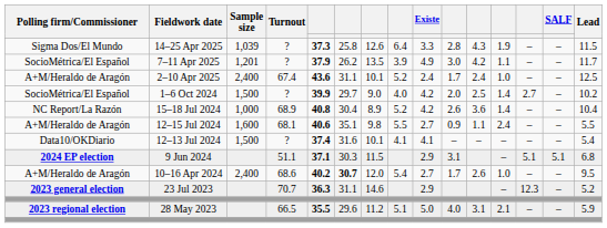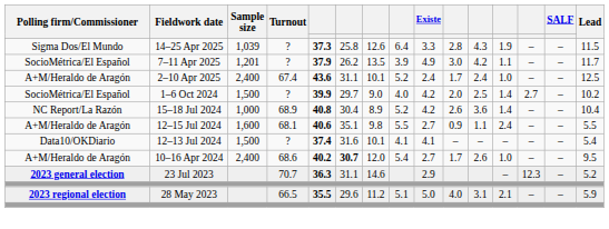 <table class="wikitable collapsible" style="text-align:center; font-size:95%; line-height:16px;">
 <tr style="height:42px;">
 <th style="width:250px;" rowspan="2">Polling firm/Commissioner</th>
 <th style="width:130px;" rowspan="2">Fieldwork date</th>
 <th style="width:50px;" rowspan="2">Sample size</th>
 <th style="width:45px;" rowspan="2">Turnout</th>
 <th style="width:35px;"></th>
 <th style="width:35px;"></th>
 <th style="width:35px;"></th>
 <th style="width:35px;"></th>
 <th style="width:35px; font-size:90%;"><a href='#'>Existe</a></th>
 <th style="width:35px;"></th>
 <th style="width:35px;"></th>
 <th style="width:35px;"></th>
 <th style="width:35px;"></th>
 <th style="width:35px;"><a href='#'>SALF</a></th>
 <th style="width:30px;" rowspan="2">Lead</th>
 </tr>
 <tr>
 <th style="color:inherit;background:"></th>
 <th style="color:inherit;background:"></th>
 <th style="color:inherit;background:"></th>
 <th style="color:inherit;background:"></th>
 <th style="color:inherit;background:"></th>
 <th style="color:inherit;background:"></th>
 <th style="color:inherit;background:"></th>
 <th style="color:inherit;background:"></th>
 <th style="color:inherit;background:"></th>
 <th style="color:inherit;background:"></th>
 </tr>
 <tr>
 <td>Sigma Dos/El Mundo</td>
 <td>14–25 Apr 2025</td>
 <td>1,039</td>
 <td>?</td>
 <td><strong>37.3</strong><br></td>
 <td>25.8<br></td>
 <td>12.6<br></td>
 <td>6.4<br></td>
 <td>3.3<br></td>
 <td>2.8<br></td>
 <td>4.3<br></td>
 <td>1.9<br></td>
 <td>–</td>
 <td>–</td>
 <td style="background:">11.5</td>
 </tr>
 <tr>
 <td>SocioMétrica/El Español</td>
 <td>7–11 Apr 2025</td>
 <td>1,201</td>
 <td>?</td>
 <td><strong>37.9</strong><br></td>
 <td>26.2<br></td>
 <td>13.5<br></td>
 <td>3.9<br></td>
 <td>4.9<br></td>
 <td>3.0<br></td>
 <td>4.2<br></td>
 <td>1.1<br></td>
 <td>–</td>
 <td>–</td>
 <td style="background:">11.7</td>
 </tr>
 <tr>
 <td>A+M/Heraldo de Aragón</td>
 <td>2–10 Apr 2025</td>
 <td>2,400</td>
 <td>67.4</td>
 <td><strong>43.6</strong><br></td>
 <td>31.1<br></td>
 <td>10.1<br></td>
 <td>5.2<br></td>
 <td>2.4<br></td>
 <td>1.7<br></td>
 <td>2.4<br></td>
 <td>1.0<br></td>
 <td>–</td>
 <td>–</td>
 <td style="background:">12.5</td>
 </tr>
 <tr>
 <td>SocioMétrica/El Español</td>
 <td>1–6 Oct 2024</td>
 <td>1,500</td>
 <td>?</td>
 <td><strong>39.9</strong><br></td>
 <td>29.7<br></td>
 <td>9.0<br></td>
 <td>4.0<br></td>
 <td>4.2<br></td>
 <td>2.0<br></td>
 <td>2.5<br></td>
 <td>1.4<br></td>
 <td>2.7<br></td>
 <td>–</td>
 <td style="background:">10.2</td>
 </tr>
 <tr>
 <td>NC Report/La Razón</td>
 <td>15–18 Jul 2024</td>
 <td>1,000</td>
 <td>68.9</td>
 <td><strong>40.8</strong><br></td>
 <td>30.4<br></td>
 <td>8.9<br></td>
 <td>5.2<br></td>
 <td>4.2<br></td>
 <td>2.6<br></td>
 <td>3.6<br></td>
 <td>1.4<br></td>
 <td>–</td>
 <td>–</td>
 <td style="background:">10.4</td>
 </tr>
 <tr>
 <td>A+M/Heraldo de Aragón</td>
 <td>12–15 Jul 2024</td>
 <td>1,600</td>
 <td>68.1</td>
 <td><strong>40.6</strong><br></td>
 <td>35.1<br></td>
 <td>9.8<br></td>
 <td>5.5<br></td>
 <td>2.7<br></td>
 <td>0.9<br></td>
 <td>1.1<br></td>
 <td>2.4<br></td>
 <td>–</td>
 <td>–</td>
 <td style="background:">5.5</td>
 </tr>
 <tr>
 <td>Data10/OKDiario</td>
 <td>12–13 Jul 2024</td>
 <td>1,500</td>
 <td>?</td>
 <td><strong>37.4</strong><br></td>
 <td>31.6<br></td>
 <td>10.1<br></td>
 <td>4.1<br></td>
 <td>4.1<br></td>
 <td>–</td>
 <td>–</td>
 <td>–</td>
 <td>–</td>
 <td>–</td>
 <td style="background:">5.4</td>
 </tr>
-<tr style="background:#EFEFEF;">
-<td><strong><a href='#'>2024 EP election</a></strong></td>
-<td>9 Jun 2024</td>
-<td></td>
-<td>51.1</td>
-<td><strong>37.1</strong><br></td>
-<td>30.3<br></td>
-<td>11.5<br></td>
-<td></td>
-<td>2.9<br></td>
-<td>3.1<br></td>
-<td></td>
-<td>–</td>
-<td>5.1<br></td>
-<td>5.1<br></td>
-<td style="background:">6.8</td>
-</tr>
 <tr>
 <td>A+M/Heraldo de Aragón</td>
 <td>10–16 Apr 2024</td>
 <td>2,400</td>
 <td>68.6</td>
 <td><strong>40.2</strong><br></td>
 <td><strong>30.7<br></strong></td>
 <td>12.0<br></td>
 <td>5.4<br></td>
 <td>2.7<br></td>
 <td>1.7<br></td>
 <td>2.6<br></td>
 <td>1.0<br></td>
 <td>–</td>
 <td>–</td>
 <td style="background:">9.5</td>
 </tr>
 <tr style="background:#EFEFEF;">
 <td><strong><a href='#'>2023 general election</a></strong></td>
 <td>23 Jul 2023</td>
 <td></td>
 <td>70.7</td>
 <td><strong>36.3</strong><br></td>
 <td>31.1<br></td>
 <td>14.6<br></td>
 <td></td>
 <td>2.9<br></td>
 <td></td>
 <td></td>
 <td>–</td>
 <td>12.3<br></td>
 <td>–</td>
 <td style="background:">5.2</td>
 </tr>
 <tr>
 <td colspan="15" style="background:#A0A0A0"></td>
 </tr>
 <tr style="background:#EFEFEF;">
 <td><strong><a href='#'>2023 regional election</a></strong></td>
 <td>28 May 2023</td>
 <td></td>
 <td>66.5</td>
 <td><strong>35.5</strong><br></td>
 <td>29.6<br></td>
 <td>11.2<br></td>
 <td>5.1<br></td>
 <td>5.0<br></td>
 <td>4.0<br></td>
 <td>3.1<br></td>
 <td>2.1<br></td>
 <td>–</td>
 <td>–</td>
 <td style="background:">5.9</td>
 </tr>
 <tr>
 <td colspan="15" style="background:#A0A0A0"></td>
 </tr>
 </table>
